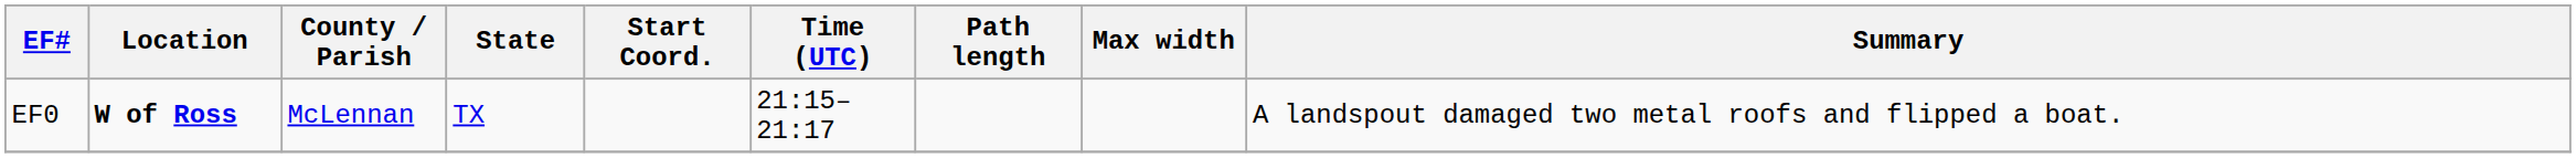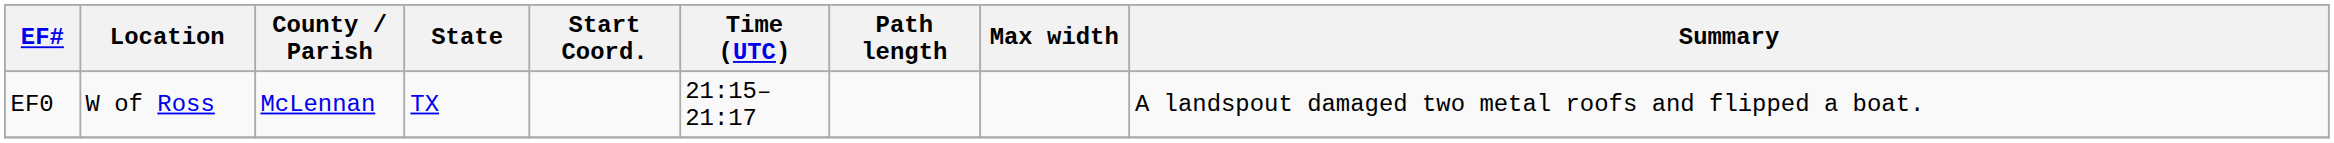 <table class="wikitable sortable" style="width:100%;">
 <tr>
 <th scope="col"  style="width:3%; text-align:center;"><a href='#'>EF#</a></th>
 <th scope="col"  style="width:7%; text-align:center;" class="unsortable">Location</th>
 <th scope="col"  style="width:6%; text-align:center;" class="unsortable">County / Parish</th>
 <th scope="col"  style="width:5%; text-align:center;">State</th>
 <th scope="col"  style="width:6%; text-align:center;">Start Coord.</th>
 <th scope="col"  style="width:6%; text-align:center;">Time (<a href='#'>UTC</a>)</th>
 <th scope="col"  style="width:6%; text-align:center;">Path length</th>
 <th scope="col"  style="width:6%; text-align:center;">Max width</th>
 <th scope="col" class="unsortable" style="width:48%; text-align:center;">Summary</th>
 </tr>
 <tr>
 <td>EF0</td>
-<td><strong>W of <a href='#'>Ross</a></strong></td>
+<td>W of <a href='#'>Ross</a></td>
 <td><a href='#'>McLennan</a></td>
 <td><a href='#'>TX</a></td>
 <td></td>
 <td>21:15–21:17</td>
 <td></td>
 <td></td>
 <td>A landspout damaged two metal roofs and flipped a boat.</td>
 </tr>
 <tr>
 </tr>
 </table>
